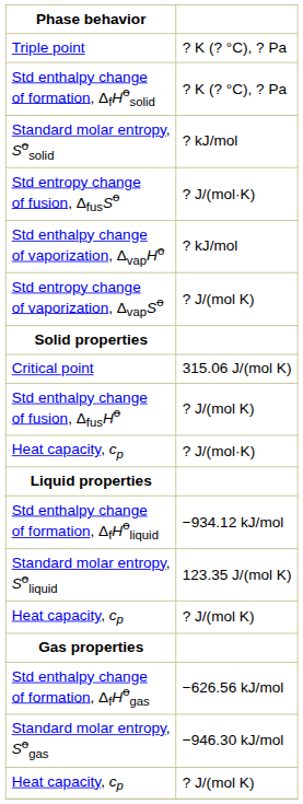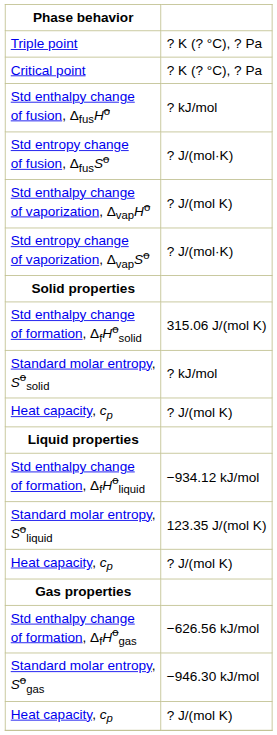 <table border="1" cellspacing="0" cellpadding="6" style="margin: 0 0 0 0.5em; background: #FFFFFF; border-collapse: collapse; border-color: #C0C090;">
 <tr>
 <th>Phase behavior</th>
 </tr>
 <tr>
 <td><a href='#'>Triple point</a></td>
 <td>? K (? °C), ? Pa</td>
 </tr>
 <tr>
-<td><a href='#'>Std enthalpy change<br>of formation</a>, Δ<sub>f</sub><em>H</em><sup><s>o</s></sup><sub>solid</sub></td>
+<td><a href='#'>Critical point</a></td>
 <td>? K (? °C), ? Pa</td>
 </tr>
 <tr>
-<td><a href='#'>Standard molar entropy</a>,<br><em>S</em><sup><s>o</s></sup><sub>solid</sub></td>
+<td><a href='#'>Std enthalpy change<br>of fusion</a>, Δ<sub>fus</sub><em>H</em><sup><s>o</s></sup></td>
 <td>? kJ/mol</td>
 </tr>
 <tr>
 <td><a href='#'>Std entropy change<br>of fusion</a>, Δ<sub>fus</sub><em>S</em><sup><s>o</s></sup></td>
 <td>? J/(mol·K)</td>
 </tr>
 <tr>
 <td><a href='#'>Std enthalpy change<br>of vaporization</a>, Δ<sub>vap</sub><em>H</em><sup><s>o</s></sup></td>
-<td>? kJ/mol</td>
+<td>? J/(mol K)</td>
 </tr>
 <tr>
 <td><a href='#'>Std entropy change<br>of vaporization</a>, Δ<sub>vap</sub><em>S</em><sup><s>o</s></sup></td>
-<td>? J/(mol K)</td>
+<td>? J/(mol·K)</td>
 </tr>
 <tr>
 <th>Solid properties</th>
 </tr>
 <tr>
-<td><a href='#'>Critical point</a></td>
+<td><a href='#'>Std enthalpy change<br>of formation</a>, Δ<sub>f</sub><em>H</em><sup><s>o</s></sup><sub>solid</sub></td>
 <td>315.06 J/(mol K)</td>
 </tr>
 <tr>
-<td><a href='#'>Std enthalpy change<br>of fusion</a>, Δ<sub>fus</sub><em>H</em><sup><s>o</s></sup></td>
-<td>? J/(mol K)</td>
+<td><a href='#'>Standard molar entropy</a>,<br><em>S</em><sup><s>o</s></sup><sub>solid</sub></td>
+<td>? kJ/mol</td>
 </tr>
 <tr>
 <td><a href='#'>Heat capacity</a>, <em>c<sub>p</sub></em></td>
-<td>? J/(mol·K)</td>
+<td>? J/(mol K)</td>
 </tr>
 <tr>
 <th>Liquid properties</th>
 </tr>
 <tr>
 <td><a href='#'>Std enthalpy change<br>of formation</a>, Δ<sub>f</sub><em>H</em><sup><s>o</s></sup><sub>liquid</sub></td>
 <td>−934.12 kJ/mol</td>
 </tr>
 <tr>
 <td><a href='#'>Standard molar entropy</a>,<br><em>S</em><sup><s>o</s></sup><sub>liquid</sub></td>
 <td>123.35 J/(mol K)</td>
 </tr>
 <tr>
 <td><a href='#'>Heat capacity</a>, <em>c<sub>p</sub></em></td>
 <td>? J/(mol K)</td>
 </tr>
 <tr>
 <th>Gas properties</th>
 </tr>
 <tr>
 <td><a href='#'>Std enthalpy change<br>of formation</a>, Δ<sub>f</sub><em>H</em><sup><s>o</s></sup><sub>gas</sub></td>
 <td>−626.56 kJ/mol</td>
 </tr>
 <tr>
 <td><a href='#'>Standard molar entropy</a>,<br><em>S</em><sup><s>o</s></sup><sub>gas</sub></td>
 <td>−946.30 kJ/mol</td>
 </tr>
 <tr>
 <td><a href='#'>Heat capacity</a>, <em>c<sub>p</sub></em></td>
 <td>? J/(mol K)</td>
 </tr>
 <tr>
 </tr>
 </table>
